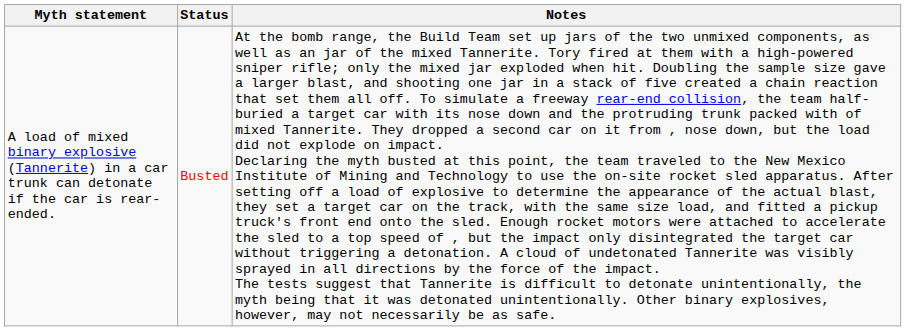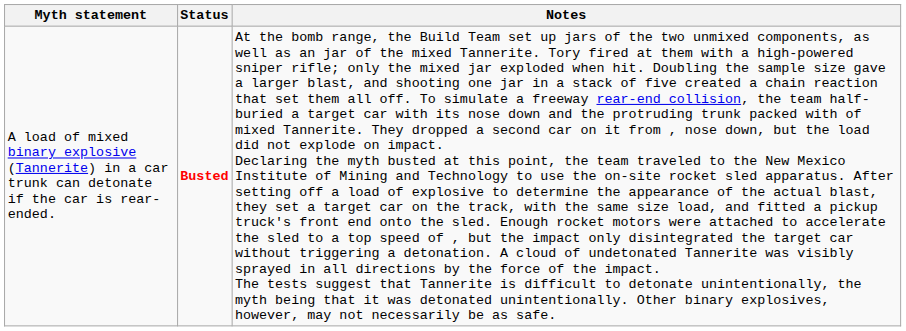 <table class="wikitable plainrowheaders">
 <tr>
 <th>Myth statement</th>
 <th>Status</th>
 <th>Notes</th>
 </tr>
 <tr>
 <td>A load of mixed <a href='#'>binary explosive</a> (<a href='#'>Tannerite</a>) in a car trunk can detonate if the car is rear-ended.</td>
-<td style="color:red">Busted</td>
+<td style="color:red"><strong>Busted</strong></td>
 <td>At the bomb range, the Build Team set up jars of the two unmixed components, as well as an  jar of the mixed Tannerite. Tory fired at them with a high-powered sniper rifle; only the mixed jar exploded when hit. Doubling the sample size gave a larger blast, and shooting one jar in a stack of five created a chain reaction that set them all off. To simulate a freeway <a href='#'>rear-end collision</a>, the team half-buried a target car with its nose down and the protruding trunk packed with  of mixed Tannerite. They dropped a second car on it from , nose down, but the load did not explode on impact.<br>Declaring the myth busted at this point, the team traveled to the New Mexico Institute of Mining and Technology to use the on-site rocket sled apparatus. After setting off a  load of explosive to determine the appearance of the actual blast, they set a target car on the track, with the same size load, and fitted a pickup truck's front end onto the sled. Enough rocket motors were attached to accelerate the sled to a top speed of , but the impact only disintegrated the target car without triggering a detonation. A cloud of undetonated Tannerite was visibly sprayed in all directions by the force of the impact.<br>The tests suggest that Tannerite is difficult to detonate unintentionally, the myth being that it was detonated unintentionally.  Other binary explosives, however, may not necessarily be as safe.</td>
 </tr>
 </table>
